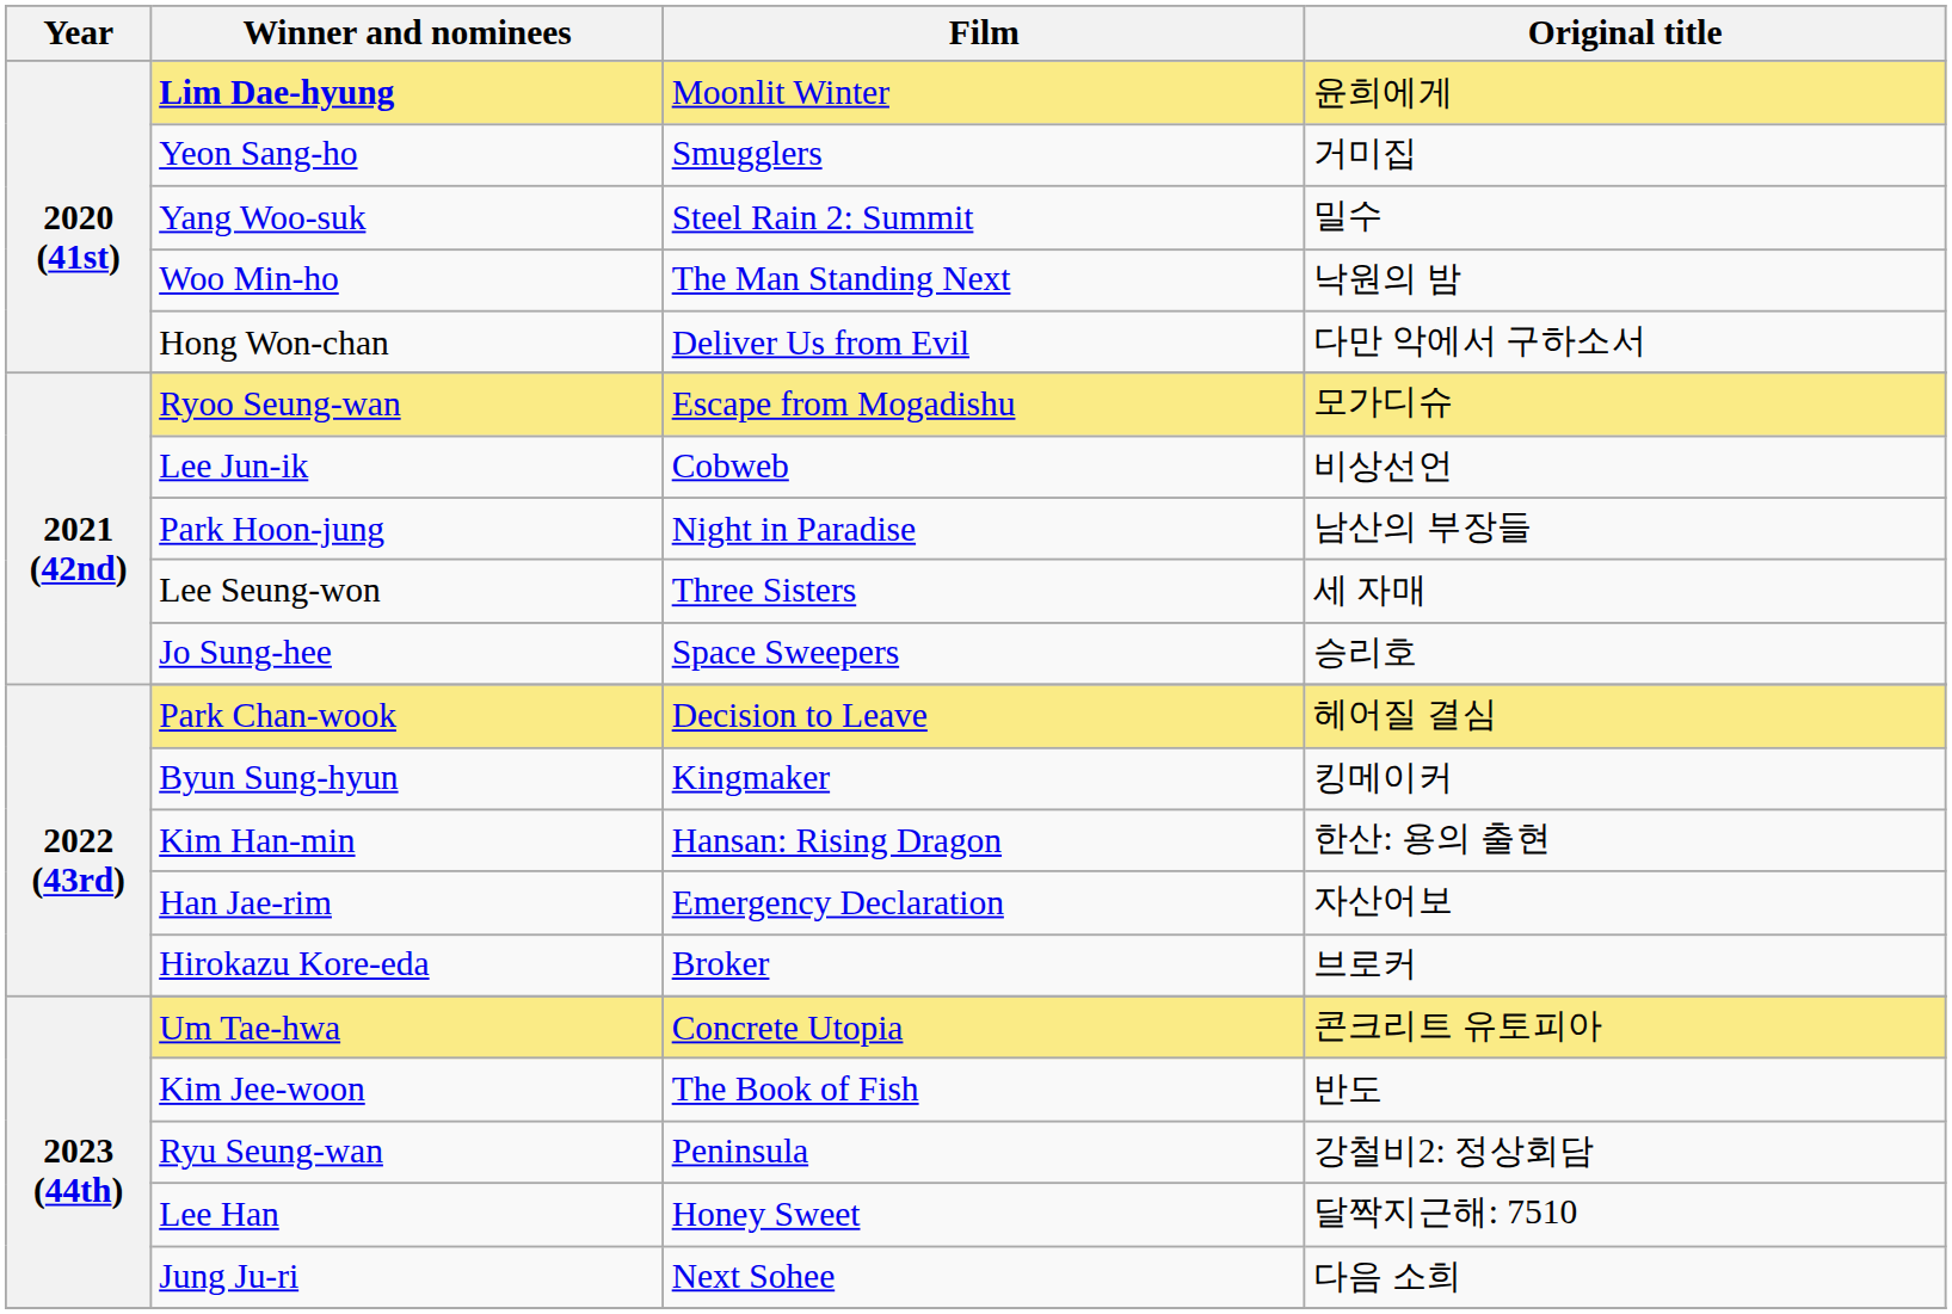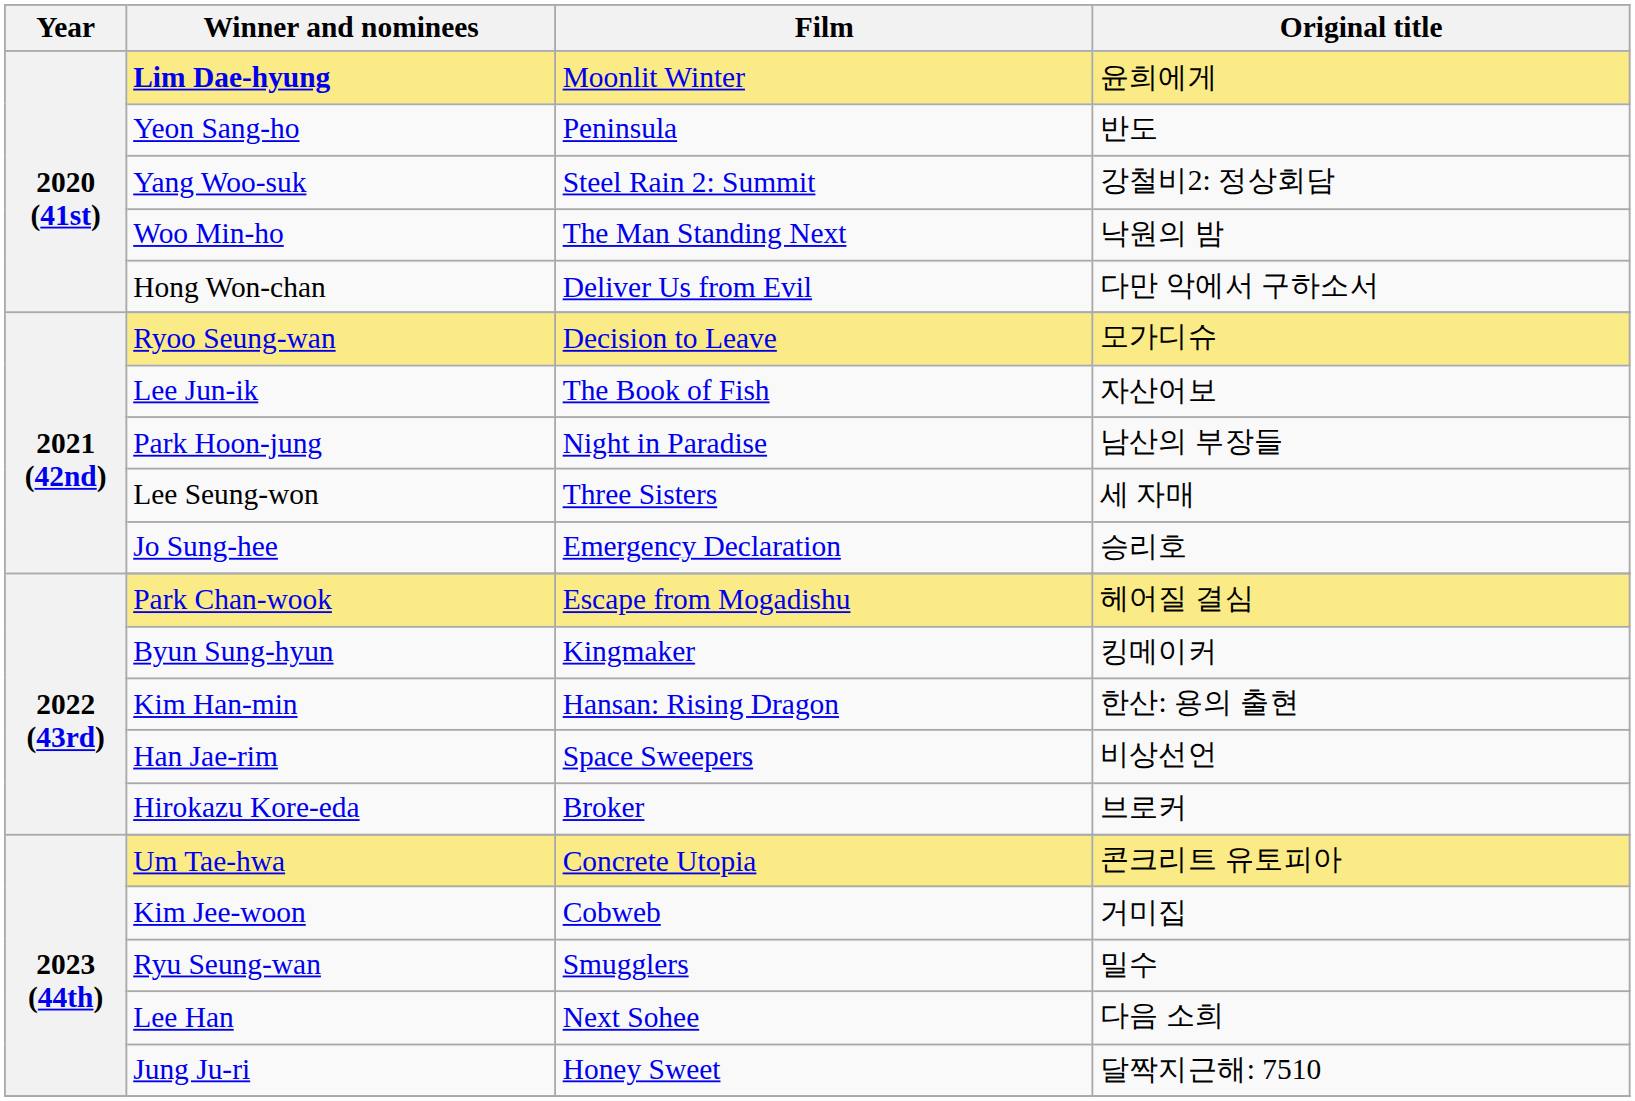 <table class="wikitable" style="width:100%;" cellpadding="6">
 <tr>
 <th style="width:5%;">Year</th>
 <th style="width:20%;">Winner and nominees</th>
 <th style="width:25%;">Film</th>
 <th style="width:25%;">Original title</th>
 </tr>
 <tr>
 <th rowspan="5"><div><br>2020 (<a href='#'>41st</a>) </div></th>
 <td style="background:#FAEB86;"><strong><a href='#'>Lim Dae-hyung</a> <em><strong><em></td>
 <td style="background:#FAEB86;"></em></strong><a href='#'>Moonlit Winter</a><strong><em></td>
 <td style="background:#FAEB86;"></strong>윤희에게<strong></td>
 </tr>
 <tr>
 <td><a href='#'>Yeon Sang-ho</a></td>
-<td></em><a href='#'>Smugglers</a><em></td>
-<td>거미집</td>
+<td><a href='#'></em>Peninsula<em></a></td>
+<td>반도</td>
 </tr>
 <tr>
 <td><a href='#'>Yang Woo-suk</a></td>
 <td></em><a href='#'>Steel Rain 2: Summit</a><em></td>
-<td>밀수</td>
+<td>강철비2: 정상회담</td>
 </tr>
 <tr>
 <td><a href='#'>Woo Min-ho</a></td>
 <td></em><a href='#'>The Man Standing Next</a><em></td>
 <td>낙원의 밤</td>
 </tr>
 <tr>
 <td>Hong Won-chan</td>
 <td><a href='#'></em>Deliver Us from Evil<em></a></td>
 <td>다만 악에서 구하소서</td>
 </tr>
 <tr>
 <th rowspan="6"><div><br>2021 (<a href='#'>42nd</a>)</div></th>
 </tr>
 <tr style="background:#FAEB86;">
 <td></strong><a href='#'>Ryoo Seung-wan</a><strong></td>
-<td></em></strong><a href='#'>Escape from Mogadishu</a><strong><em></td>
+<td></em></strong><a href='#'>Decision to Leave</a><strong><em></td>
 <td></strong>모가디슈<strong></td>
 </tr>
 <tr>
 <td><a href='#'>Lee Jun-ik</a></td>
-<td></em><a href='#'>Cobweb</a><em></td>
-<td>비상선언</td>
+<td></em><a href='#'>The Book of Fish</a><em></td>
+<td>자산어보</td>
 </tr>
 <tr>
 <td><a href='#'>Park Hoon-jung</a></td>
 <td></em><a href='#'>Night in Paradise</a><em></td>
 <td>남산의 부장들</td>
 </tr>
 <tr>
 <td>Lee Seung-won</td>
 <td></em><a href='#'>Three Sisters</a><em></td>
 <td>세 자매</td>
 </tr>
 <tr>
 <td><a href='#'>Jo Sung-hee</a></td>
-<td></em><a href='#'>Space Sweepers</a><em></td>
+<td></em><a href='#'>Emergency Declaration</a><em></td>
 <td>승리호</td>
 </tr>
 <tr>
 <th rowspan="6"><div><br>2022 (<a href='#'>43rd</a>)</div></th>
 </tr>
 <tr style="background:#FAEB86;">
 <td></strong><a href='#'>Park Chan-wook</a><strong></td>
-<td></em></strong><a href='#'>Decision to Leave</a><strong><em></td>
+<td></em></strong><a href='#'>Escape from Mogadishu</a><strong><em></td>
 <td></strong>헤어질 결심<strong></td>
 </tr>
 <tr>
 <td><a href='#'>Byun Sung-hyun</a></td>
 <td></em><a href='#'>Kingmaker</a><em></td>
 <td>킹메이커</td>
 </tr>
 <tr>
 <td><a href='#'>Kim Han-min</a></td>
 <td></em><a href='#'>Hansan: Rising Dragon</a><em></td>
 <td>한산: 용의 출현</td>
 </tr>
 <tr>
 <td><a href='#'>Han Jae-rim</a></td>
-<td></em><a href='#'>Emergency Declaration</a><em></td>
-<td>자산어보</td>
+<td></em><a href='#'>Space Sweepers</a><em></td>
+<td>비상선언</td>
 </tr>
 <tr>
 <td><a href='#'>Hirokazu Kore-eda</a></td>
 <td></em><a href='#'>Broker</a><em></td>
 <td>브로커</td>
 </tr>
 <tr>
 <th rowspan="6"><div><br>2023 (<a href='#'>44th</a>)</div></th>
 </tr>
 <tr style="background:#FAEB86;">
 <td></strong><a href='#'>Um Tae-hwa</a><strong></td>
 <td></em></strong><a href='#'>Concrete Utopia</a><strong><em></td>
 <td></strong>콘크리트 유토피아<strong></td>
 </tr>
 <tr>
 <td><a href='#'>Kim Jee-woon</a></td>
-<td></em><a href='#'>The Book of Fish</a><em></td>
-<td>반도</td>
+<td></em><a href='#'>Cobweb</a><em></td>
+<td>거미집</td>
 </tr>
 <tr>
 <td><a href='#'>Ryu Seung-wan</a></td>
-<td><a href='#'></em>Peninsula<em></a></td>
-<td>강철비2: 정상회담</td>
+<td></em><a href='#'>Smugglers</a><em></td>
+<td>밀수</td>
 </tr>
 <tr>
 <td><a href='#'>Lee Han</a></td>
+<td></em><a href='#'>Next Sohee</a><em></td>
+<td>다음 소희</td>
+</tr>
+<tr>
+<td><a href='#'>Jung Ju-ri</a></td>
 <td></em><a href='#'>Honey Sweet</a><em></td>
 <td>달짝지근해: 7510</td>
 </tr>
 <tr>
-<td><a href='#'>Jung Ju-ri</a></td>
-<td></em><a href='#'>Next Sohee</a><em></td>
-<td>다음 소희</td>
-</tr>
-<tr>
 </tr>
 </table>
